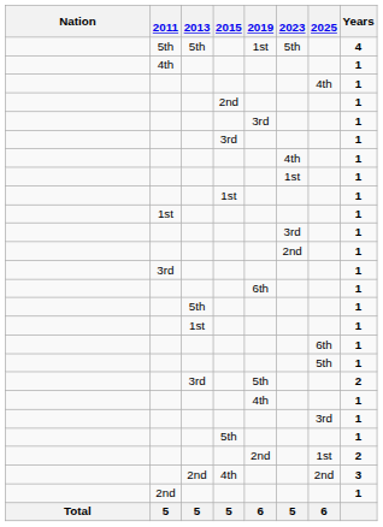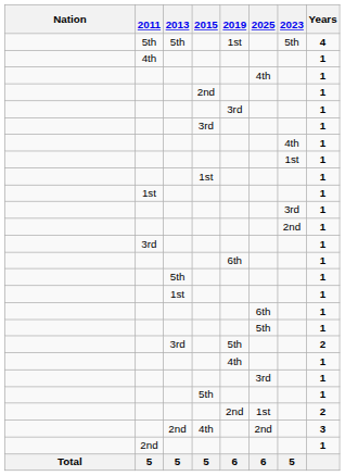 <table class="wikitable" style="text-align:center; font-size:90%">
 <tr>
 <th width=170>Nation</th>
 <th><br><a href='#'>2011</a></th>
 <th><br><a href='#'>2013</a></th>
 <th><br><a href='#'>2015</a></th>
 <th><br><a href='#'>2019</a></th>
+<th><br><a href='#'>2025</a></th>
 <th><br><a href='#'>2023</a></th>
-<th><br><a href='#'>2025</a></th>
 <th>Years</th>
 </tr>
 <tr>
 <td align=left></td>
 <td>5th</td>
 <td>5th</td>
 <td></td>
 <td>1st</td>
+<td></td>
 <td>5th</td>
-<td></td>
 <td><strong>4</strong></td>
 </tr>
 <tr>
 <td align=left></td>
 <td>4th</td>
 <td></td>
 <td></td>
 <td></td>
 <td></td>
 <td></td>
 <td><strong>1</strong></td>
 </tr>
 <tr>
 <td align=left></td>
 <td></td>
 <td></td>
 <td></td>
 <td></td>
+<td>4th</td>
 <td></td>
-<td>4th</td>
 <td><strong>1</strong></td>
 </tr>
 <tr>
 <td align=left></td>
 <td></td>
 <td></td>
 <td>2nd</td>
 <td></td>
 <td></td>
 <td></td>
 <td><strong>1</strong></td>
 </tr>
 <tr>
 <td align=left></td>
 <td></td>
 <td></td>
 <td></td>
 <td>3rd</td>
 <td></td>
 <td></td>
 <td><strong>1</strong></td>
 </tr>
 <tr>
 <td align=left></td>
 <td></td>
 <td></td>
 <td>3rd</td>
 <td></td>
 <td></td>
 <td></td>
 <td><strong>1</strong></td>
 </tr>
 <tr>
 <td align=left></td>
 <td></td>
 <td></td>
 <td></td>
 <td></td>
+<td></td>
 <td>4th</td>
-<td></td>
 <td><strong>1</strong></td>
 </tr>
 <tr>
 <td align=left></td>
 <td></td>
 <td></td>
 <td></td>
 <td></td>
+<td></td>
 <td>1st</td>
-<td></td>
 <td><strong>1</strong></td>
 </tr>
 <tr>
 <td align=left></td>
 <td></td>
 <td></td>
 <td>1st</td>
 <td></td>
 <td></td>
 <td></td>
 <td><strong>1</strong></td>
 </tr>
 <tr>
 <td align=left></td>
 <td>1st</td>
 <td></td>
 <td></td>
 <td></td>
 <td></td>
 <td></td>
 <td><strong>1</strong></td>
 </tr>
 <tr>
 <td align=left></td>
 <td></td>
 <td></td>
 <td></td>
 <td></td>
+<td></td>
 <td>3rd</td>
-<td></td>
 <td><strong>1</strong></td>
 </tr>
 <tr>
 <td align=left></td>
 <td></td>
 <td></td>
 <td></td>
 <td></td>
+<td></td>
 <td>2nd</td>
-<td></td>
 <td><strong>1</strong></td>
 </tr>
 <tr>
 <td align=left></td>
 <td>3rd</td>
 <td></td>
 <td></td>
 <td></td>
 <td></td>
 <td></td>
 <td><strong>1</strong></td>
 </tr>
 <tr>
 <td align=left></td>
 <td></td>
 <td></td>
 <td></td>
 <td>6th</td>
 <td></td>
 <td></td>
 <td><strong>1</strong></td>
 </tr>
 <tr>
 <td align=left></td>
 <td></td>
 <td>5th</td>
 <td></td>
 <td></td>
 <td></td>
 <td></td>
 <td><strong>1</strong></td>
 </tr>
 <tr>
 <td align=left></td>
 <td></td>
 <td>1st</td>
 <td></td>
 <td></td>
 <td></td>
 <td></td>
 <td><strong>1</strong></td>
 </tr>
 <tr>
 <td align=left></td>
 <td></td>
 <td></td>
 <td></td>
 <td></td>
+<td>6th</td>
 <td></td>
-<td>6th</td>
 <td><strong>1</strong></td>
 </tr>
 <tr>
 <td align=left></td>
 <td></td>
 <td></td>
 <td></td>
 <td></td>
+<td>5th</td>
 <td></td>
-<td>5th</td>
 <td><strong>1</strong></td>
 </tr>
 <tr>
 <td align=left></td>
 <td></td>
 <td>3rd</td>
 <td></td>
 <td>5th</td>
 <td></td>
 <td></td>
 <td><strong>2</strong></td>
 </tr>
 <tr>
 <td align=left></td>
 <td></td>
 <td></td>
 <td></td>
 <td>4th</td>
 <td></td>
 <td></td>
 <td><strong>1</strong></td>
 </tr>
 <tr>
 <td align=left></td>
 <td></td>
 <td></td>
 <td></td>
 <td></td>
+<td>3rd</td>
 <td></td>
-<td>3rd</td>
 <td><strong>1</strong></td>
 </tr>
 <tr>
 <td align=left></td>
 <td></td>
 <td></td>
 <td>5th</td>
 <td></td>
 <td></td>
 <td></td>
 <td><strong>1</strong></td>
 </tr>
 <tr>
 <td align=left></td>
 <td></td>
 <td></td>
 <td></td>
 <td>2nd</td>
+<td>1st</td>
 <td></td>
-<td>1st</td>
 <td><strong>2</strong></td>
 </tr>
 <tr>
 <td align=left></td>
 <td></td>
 <td>2nd</td>
 <td>4th</td>
 <td></td>
+<td>2nd</td>
 <td></td>
-<td>2nd</td>
 <td><strong>3</strong></td>
 </tr>
 <tr>
 <td align=left></td>
 <td>2nd</td>
 <td></td>
 <td></td>
 <td></td>
 <td></td>
 <td></td>
 <td><strong>1</strong></td>
 </tr>
 <tr>
 <th>Total</th>
 <th>5</th>
 <th>5</th>
 <th>5</th>
 <th>6</th>
+<th>6</th>
 <th>5</th>
-<th>6</th>
 <th></th>
 </tr>
 </table>
